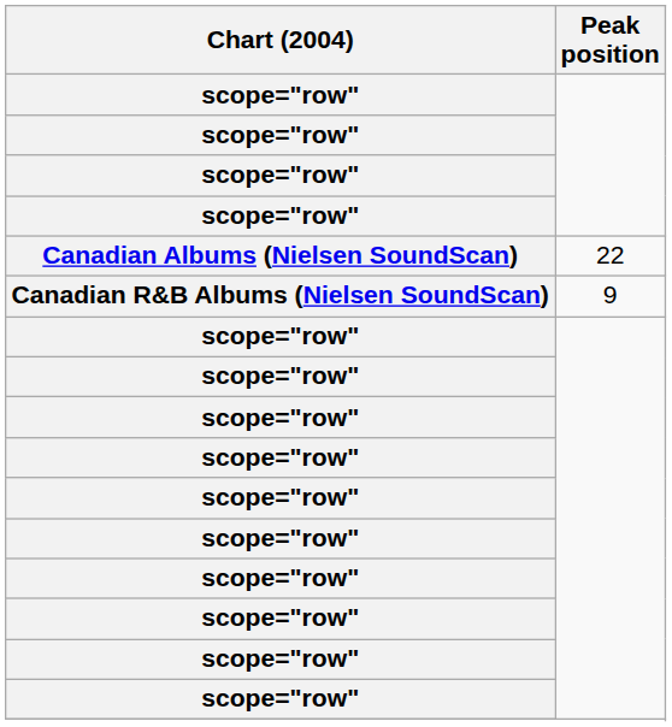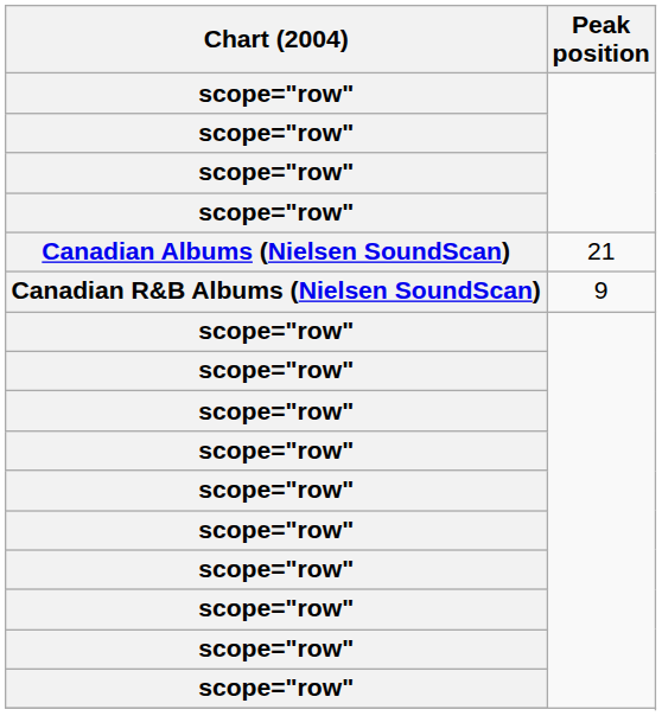 <table class="wikitable sortable plainrowheaders">
 <tr>
 <th scope="col">Chart (2004)</th>
 <th scope="col">Peak<br>position</th>
 </tr>
 <tr>
 <th>scope="row" </th>
 </tr>
 <tr>
 <th>scope="row" </th>
 </tr>
 <tr>
 <th>scope="row" </th>
 </tr>
 <tr>
 <th>scope="row" </th>
 </tr>
 <tr>
 <th scope="row"><a href='#'>Canadian Albums</a> (<a href='#'>Nielsen SoundScan</a>)</th>
-<td align="center">22</td>
+<td align="center">21</td>
 </tr>
 <tr>
 <th scope="row">Canadian R&B Albums (<a href='#'>Nielsen SoundScan</a>)</th>
 <td style="text-align:center;">9</td>
 </tr>
 <tr>
 <th>scope="row" </th>
 </tr>
 <tr>
 <th>scope="row" </th>
 </tr>
 <tr>
 <th>scope="row" </th>
 </tr>
 <tr>
 <th>scope="row" </th>
 </tr>
 <tr>
 <th>scope="row" </th>
 </tr>
 <tr>
 <th>scope="row" </th>
 </tr>
 <tr>
 <th>scope="row" </th>
 </tr>
 <tr>
 <th>scope="row" </th>
 </tr>
 <tr>
 <th>scope="row" </th>
 </tr>
 <tr>
 <th>scope="row" </th>
 </tr>
 <tr>
 </tr>
 </table>
